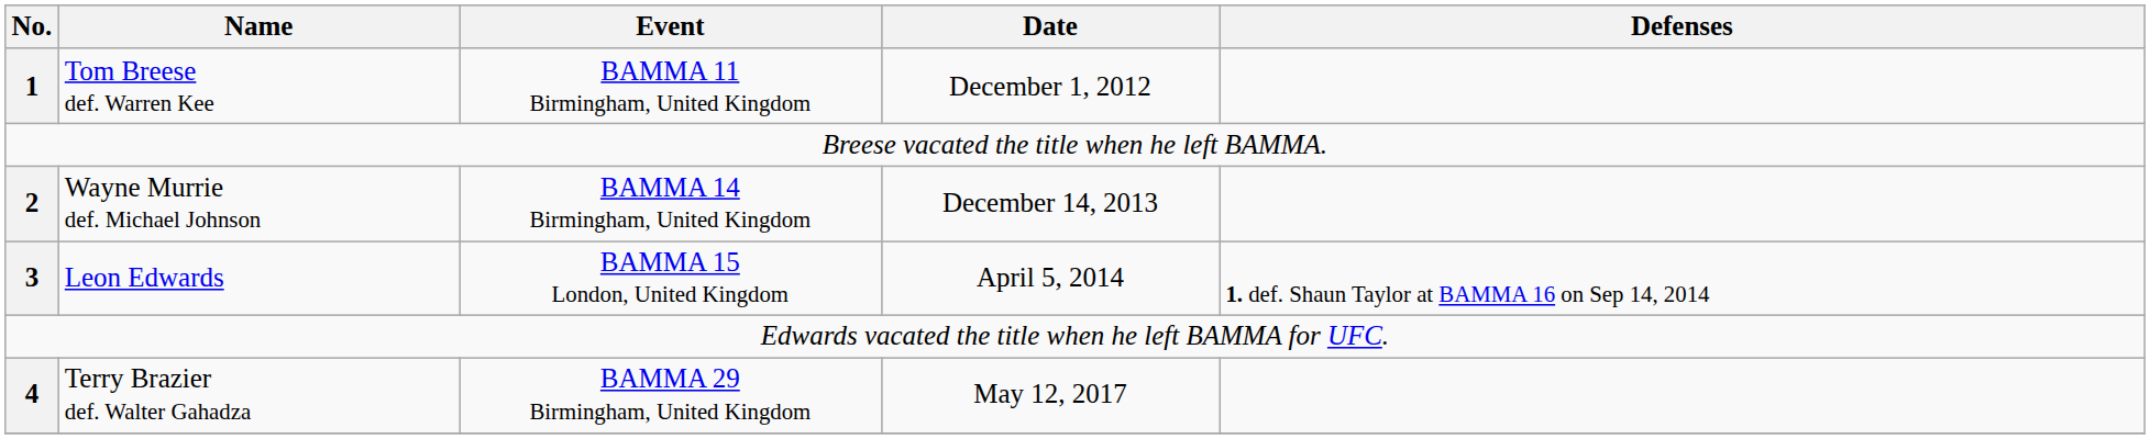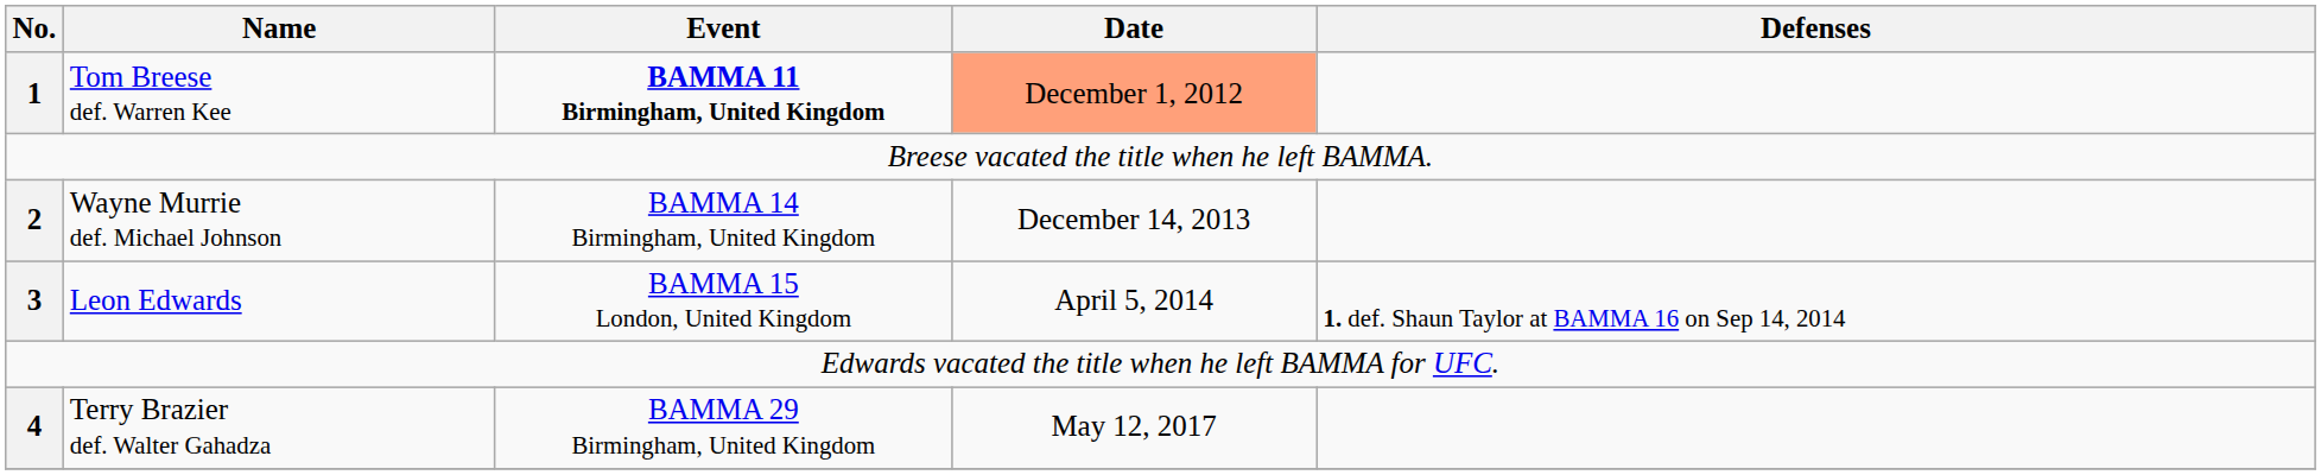 <table class="wikitable">
 <tr>
 <th width=1%>No.</th>
 <th width=19%>Name</th>
 <th width=20%>Event</th>
 <th width=16%>Date</th>
 <th width=44%>Defenses</th>
 </tr>
 <tr>
 <th>1</th>
 <td align=left> <a href='#'>Tom Breese</a><br><small>def. Warren Kee</small></td>
-<td align=center><a href='#'>BAMMA 11</a><br><small>Birmingham, United Kingdom</small></td>
-<td align=center>December 1, 2012</td>
+<td align=center><strong><a href='#'>BAMMA 11</a><br><small>Birmingham, United Kingdom</small></strong></td>
+<td align=center style="background: lightsalmon;">December 1, 2012</td>
 <td></td>
 </tr>
 <tr>
 <td align="center" colspan="5"><em>Breese vacated the title when he left BAMMA.</em></td>
 </tr>
 <tr>
 <th>2</th>
 <td align=left> Wayne Murrie<br><small>def. Michael Johnson</small></td>
 <td align=center><a href='#'>BAMMA 14</a><br><small>Birmingham, United Kingdom</small></td>
 <td align=center>December 14, 2013</td>
 <td></td>
 </tr>
 <tr>
 <th>3</th>
 <td align=left> <a href='#'>Leon Edwards</a></td>
 <td align=center><a href='#'>BAMMA 15</a><br><small>London, United Kingdom</small></td>
 <td align=center>April 5, 2014</td>
 <td><br><small><strong>1.</strong> def. Shaun Taylor at <a href='#'>BAMMA 16</a> on Sep 14, 2014</small></td>
 </tr>
 <tr>
 <td align="center" colspan="5"><em>Edwards vacated the title when he left BAMMA for <a href='#'>UFC</a>.</em></td>
 </tr>
 <tr>
 <th>4</th>
 <td align=left> Terry Brazier<br><small>def. Walter Gahadza</small></td>
 <td align=center><a href='#'>BAMMA 29</a><br><small>Birmingham, United Kingdom</small></td>
 <td align=center>May 12, 2017</td>
 <td></td>
 </tr>
 <tr>
 </tr>
 </table>
